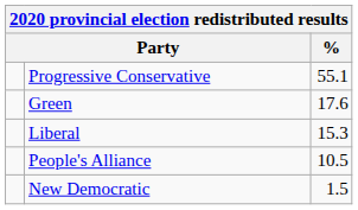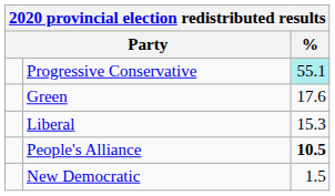 <table class="wikitable">
 <tr>
 <th colspan="4"><a href='#'>2020 provincial election</a> redistributed results</th>
 </tr>
 <tr>
 <th bgcolor="#DDDDFF" width="130px" colspan="2">Party</th>
 <th bgcolor="#DDDDFF" width="30px">%</th>
 </tr>
 <tr>
 <td> </td>
 <td><a href='#'>Progressive Conservative</a></td>
-<td align=right>55.1</td>
+<td align=right style="background: paleturquoise;">55.1</td>
 </tr>
 <tr>
 <td> </td>
 <td><a href='#'>Green</a></td>
 <td align=right>17.6</td>
 </tr>
 <tr>
 <td> </td>
 <td><a href='#'>Liberal</a></td>
 <td align=right>15.3</td>
 </tr>
 <tr>
 <td> </td>
 <td><a href='#'>People's Alliance</a></td>
-<td align=right>10.5</td>
+<td align=right><strong>10.5</strong></td>
 </tr>
 <tr>
 <td> </td>
 <td><a href='#'>New Democratic</a></td>
 <td align=right>1.5</td>
 </tr>
 </table>
